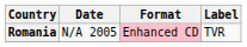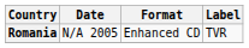 <table class="wikitable plainrowheaders unsortable">
 <tr>
 <th>Country</th>
 <th>Date</th>
 <th>Format</th>
 <th>Label</th>
 </tr>
 <tr>
 <th scope="row">Romania</th>
 <td rowspan="1">N/A 2005</td>
-<td rowspan="1" style="background: pink;">Enhanced CD</td>
+<td rowspan="1">Enhanced CD</td>
 <td rowspan="1">TVR</td>
 </tr>
 <tr>
 </tr>
 </table>
